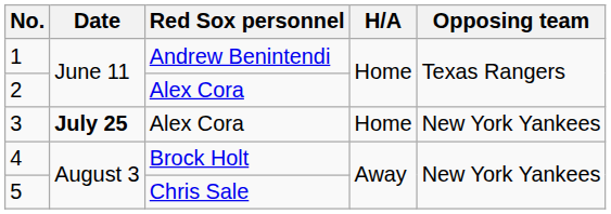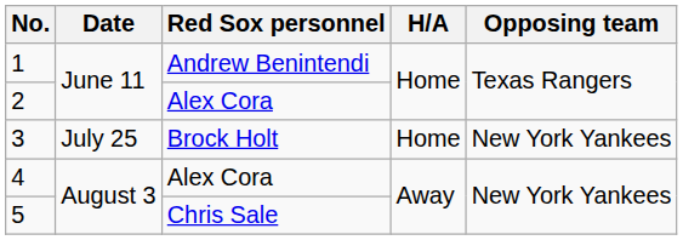 <table class="wikitable">
 <tr>
 <th>No.</th>
 <th>Date</th>
 <th>Red Sox personnel</th>
 <th>H/A</th>
 <th>Opposing team</th>
 </tr>
 <tr>
 <td>1</td>
 <td rowspan=2>June 11</td>
 <td><a href='#'>Andrew Benintendi</a></td>
 <td rowspan=2>Home</td>
 <td rowspan=2>Texas Rangers</td>
 </tr>
 <tr>
 <td>2</td>
 <td><a href='#'>Alex Cora</a></td>
 </tr>
 <tr>
 <td>3</td>
-<td><strong>July 25</strong></td>
-<td>Alex Cora</td>
+<td>July 25</td>
+<td><a href='#'>Brock Holt</a></td>
 <td>Home</td>
 <td>New York Yankees</td>
 </tr>
 <tr>
 <td>4</td>
 <td rowspan=2>August 3</td>
-<td><a href='#'>Brock Holt</a></td>
+<td>Alex Cora</td>
 <td rowspan=2>Away</td>
 <td rowspan=2>New York Yankees</td>
 </tr>
 <tr>
 <td>5</td>
 <td><a href='#'>Chris Sale</a></td>
 </tr>
 </table>
